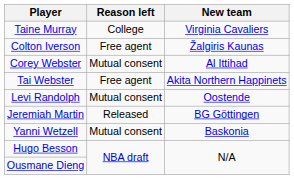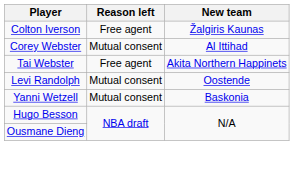 <table class="wikitable sortable sortable" style="text-align: center">
 <tr>
 <th>Player</th>
 <th>Reason left</th>
 <th>New team</th>
-</tr>
-<tr>
-<td><a href='#'>Taine Murray</a></td>
-<td>College</td>
-<td><a href='#'>Virginia Cavaliers</a></td>
 </tr>
 <tr>
 <td><a href='#'>Colton Iverson</a></td>
 <td>Free agent</td>
 <td><a href='#'>Žalgiris Kaunas</a></td>
 </tr>
 <tr>
 <td><a href='#'>Corey Webster</a></td>
 <td>Mutual consent</td>
 <td><a href='#'>Al Ittihad</a></td>
 </tr>
 <tr>
 <td><a href='#'>Tai Webster</a></td>
 <td>Free agent</td>
 <td><a href='#'>Akita Northern Happinets</a></td>
 </tr>
 <tr>
 <td><a href='#'>Levi Randolph</a></td>
 <td>Mutual consent</td>
 <td><a href='#'>Oostende</a></td>
 </tr>
 <tr>
-<td><a href='#'>Jeremiah Martin</a></td>
-<td>Released</td>
-<td><a href='#'>BG Göttingen</a></td>
-</tr>
-<tr>
 <td><a href='#'>Yanni Wetzell</a></td>
 <td>Mutual consent</td>
 <td><a href='#'>Baskonia</a></td>
 </tr>
 <tr>
 <td><a href='#'>Hugo Besson</a></td>
 <td rowspan="2"><a href='#'>NBA draft</a></td>
 <td rowspan="2">N/A</td>
 </tr>
 <tr>
 <td><a href='#'>Ousmane Dieng</a></td>
 </tr>
 </table>
